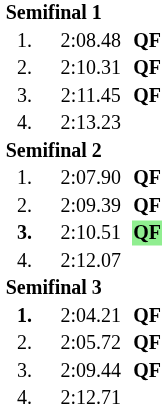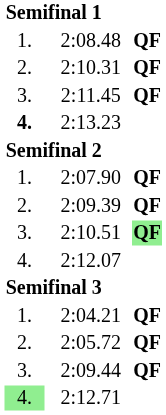 <table style="text-align:center">
 <tr>
 <td colspan=4 align=left><strong>Semifinal 1</strong></td>
 </tr>
 <tr>
 <td width=30>1.</td>
 <td align=left></td>
 <td width=60>2:08.48</td>
 <td><strong>QF</strong></td>
 </tr>
 <tr>
 <td>2.</td>
 <td align=left></td>
 <td>2:10.31</td>
 <td><strong>QF</strong></td>
 </tr>
 <tr>
 <td>3.</td>
 <td align=left></td>
 <td>2:11.45</td>
 <td><strong>QF</strong></td>
 </tr>
 <tr>
-<td>4.</td>
+<td><strong>4.</strong></td>
 <td align=left></td>
 <td>2:13.23</td>
 <td></td>
 </tr>
 <tr>
 <td colspan=4 align=left><strong>Semifinal 2</strong></td>
 </tr>
 <tr>
 <td width=30>1.</td>
 <td align=left></td>
 <td width=60>2:07.90</td>
 <td><strong>QF</strong></td>
 </tr>
 <tr>
 <td>2.</td>
 <td align=left></td>
 <td>2:09.39</td>
 <td><strong>QF</strong></td>
 </tr>
 <tr>
-<td><strong>3.</strong></td>
+<td>3.</td>
 <td align=left></td>
 <td>2:10.51</td>
 <td style="background: lightgreen;"><strong>QF</strong></td>
 </tr>
 <tr>
 <td>4.</td>
 <td align=left></td>
 <td>2:12.07</td>
 <td></td>
 </tr>
 <tr>
 <td colspan=4 align=left><strong>Semifinal 3</strong></td>
 </tr>
 <tr>
-<td width=30><strong>1.</strong></td>
+<td width=30>1.</td>
 <td align=left></td>
 <td width=60>2:04.21</td>
 <td><strong>QF</strong></td>
 </tr>
 <tr>
 <td>2.</td>
 <td align=left></td>
 <td>2:05.72</td>
 <td><strong>QF</strong></td>
 </tr>
 <tr>
 <td>3.</td>
 <td align=left></td>
 <td>2:09.44</td>
 <td><strong>QF</strong></td>
 </tr>
 <tr>
-<td>4.</td>
+<td style="background: lightgreen;">4.</td>
 <td align=left></td>
 <td>2:12.71</td>
 <td></td>
 </tr>
 </table>
